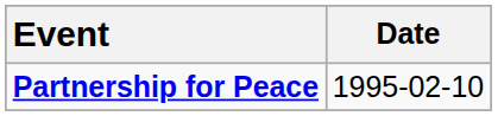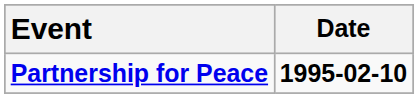 <table class="wikitable sortable" style="text-align:center; font-size:90%;">
 <tr>
 <th style="text-align:left;"><big>Event</big></th>
 <th>Date</th>
 </tr>
 <tr>
 <td style="text-align:left;"><strong><a href='#'>Partnership for Peace</a></strong></td>
-<td>1995-02-10</td>
+<td><strong>1995-02-10</strong></td>
 </tr>
 </table>
